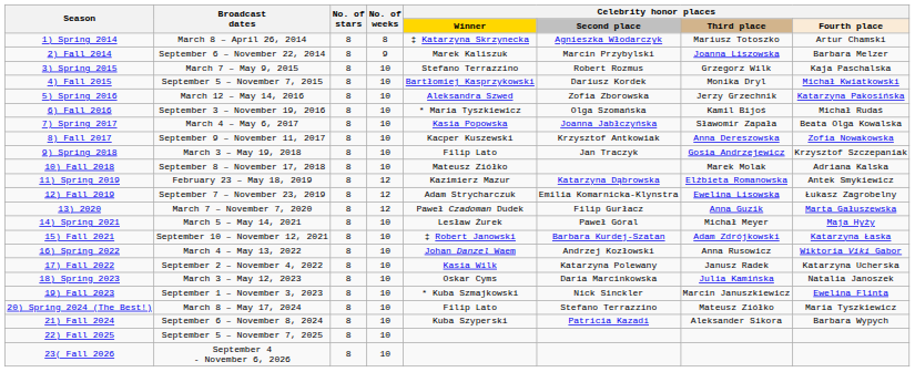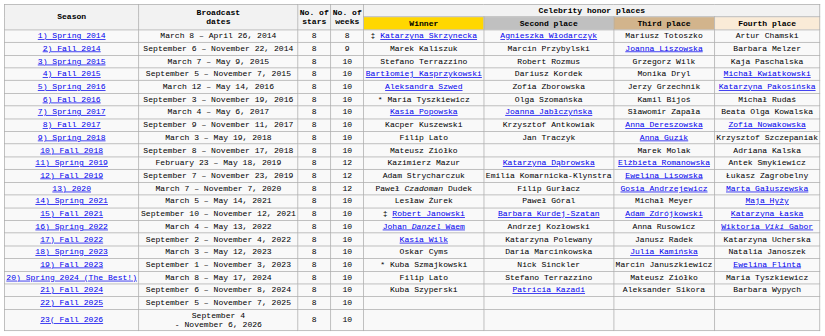 <table class="wikitable sortable" style="white-space:nowrap; font-size:85%;">
 <tr>
 <th style="width:10%;" rowspan="2">Season</th>
 <th style="width:10%;" rowspan="2">Broadcast<br>dates</th>
 <th style="width:5%;" rowspan="2">No. of<br>stars</th>
 <th style="width:5%;" rowspan="2">No. of<br>weeks</th>
 <th style="width:45%;" colspan="4">Celebrity honor places</th>
 </tr>
 <tr>
 <th style="width:15%; background:gold;">Winner</th>
 <th style="width:15%; background:silver;">Second place</th>
 <th style="width:15%; background:tan;">Third place</th>
 <th style="width:15%; background:antiquewhite;">Fourth place</th>
 </tr>
 <tr>
 <td style="text-align:center;"><a href='#'>1) Spring 2014</a></td>
 <td style="text-align:center;">March 8 – April 26, 2014</td>
 <td style="text-align:center;">8</td>
 <td style="text-align:center;">8</td>
 <td style="text-align:center;">‡ <a href='#'>Katarzyna Skrzynecka</a></td>
 <td style="text-align:center;"><a href='#'>Agnieszka Włodarczyk</a></td>
 <td style="text-align:center;">Mariusz Totoszko</td>
 <td style="text-align:center;">Artur Chamski</td>
 </tr>
 <tr>
 <td style="text-align:center;"><a href='#'>2) Fall 2014</a></td>
 <td style="text-align:center;">September 6 – November 22, 2014</td>
 <td style="text-align:center;">8</td>
 <td style="text-align:center;">9</td>
 <td style="text-align:center;">Marek Kaliszuk</td>
 <td style="text-align:center;">Marcin Przybylski</td>
 <td style="text-align:center;"><a href='#'>Joanna Liszowska</a></td>
 <td style="text-align:center;">Barbara Melzer</td>
 </tr>
 <tr>
 <td style="text-align:center;"><a href='#'>3) Spring 2015</a></td>
 <td style="text-align:center;">March 7 – May 9, 2015</td>
 <td style="text-align:center;">8</td>
 <td style="text-align:center;">10</td>
 <td style="text-align:center;">Stefano Terrazzino</td>
 <td style="text-align:center;">Robert Rozmus</td>
 <td style="text-align:center;">Grzegorz Wilk</td>
 <td style="text-align:center;">Kaja Paschalska</td>
 </tr>
 <tr>
 <td style="text-align:center;"><a href='#'>4) Fall 2015</a></td>
 <td style="text-align:center;">September 5 – November 7, 2015</td>
 <td style="text-align:center;">8</td>
 <td style="text-align:center;">10</td>
 <td style="text-align:center;"><a href='#'>Bartłomiej Kasprzykowski</a></td>
 <td style="text-align:center;">Dariusz Kordek</td>
 <td style="text-align:center;">Monika Dryl</td>
 <td style="text-align:center;"><a href='#'>Michał Kwiatkowski</a></td>
 </tr>
 <tr>
 <td style="text-align:center;"><a href='#'>5) Spring 2016</a></td>
 <td style="text-align:center;">March 12 – May 14, 2016</td>
 <td style="text-align:center;">8</td>
 <td style="text-align:center;">10</td>
 <td style="text-align:center;"><a href='#'>Aleksandra Szwed</a></td>
 <td style="text-align:center;">Zofia Zborowska</td>
 <td style="text-align:center;">Jerzy Grzechnik</td>
 <td style="text-align:center;"><a href='#'>Katarzyna Pakosińska</a></td>
 </tr>
 <tr>
 <td style="text-align:center;"><a href='#'>6) Fall 2016</a></td>
 <td style="text-align:center;">September 3 – November 19, 2016</td>
 <td style="text-align:center;">8</td>
 <td style="text-align:center;">10</td>
 <td style="text-align:center;">* Maria Tyszkiewicz</td>
 <td style="text-align:center;">Olga Szomańska</td>
 <td style="text-align:center;">Kamil Bijoś</td>
 <td style="text-align:center;">Michał Rudaś</td>
 </tr>
 <tr>
 <td style="text-align:center;"><a href='#'>7) Spring 2017</a></td>
 <td style="text-align:center;">March 4 – May 6, 2017</td>
 <td style="text-align:center;">8</td>
 <td style="text-align:center;">10</td>
 <td style="text-align:center;"><a href='#'>Kasia Popowska</a></td>
 <td style="text-align:center;"><a href='#'>Joanna Jabłczyńska</a></td>
 <td style="text-align:center;">Sławomir Zapała</td>
 <td style="text-align:center;">Beata Olga Kowalska</td>
 </tr>
 <tr>
 <td style="text-align:center;"><a href='#'>8) Fall 2017</a></td>
 <td style="text-align:center;">September 9 – November 11, 2017</td>
 <td style="text-align:center;">8</td>
 <td style="text-align:center;">10</td>
 <td style="text-align:center;">Kacper Kuszewski</td>
 <td style="text-align:center;">Krzysztof Antkowiak</td>
 <td style="text-align:center;"><a href='#'>Anna Dereszowska</a></td>
 <td style="text-align:center;"><a href='#'>Zofia Nowakowska</a></td>
 </tr>
 <tr>
 <td style="text-align:center;"><a href='#'>9) Spring 2018</a></td>
 <td style="text-align:center;">March 3 – May 19, 2018</td>
 <td style="text-align:center;">8</td>
 <td style="text-align:center;">10</td>
 <td style="text-align:center;">Filip Lato</td>
 <td style="text-align:center;">Jan Traczyk</td>
-<td style="text-align:center;"><a href='#'>Gosia Andrzejewicz</a></td>
+<td style="text-align:center;"><a href='#'>Anna Guzik</a></td>
 <td style="text-align:center;">Krzysztof Szczepaniak</td>
 </tr>
 <tr>
 <td style="text-align:center;"><a href='#'>10) Fall 2018</a></td>
 <td style="text-align:center;">September 8 – November 17, 2018</td>
 <td style="text-align:center;">8</td>
 <td style="text-align:center;">10</td>
 <td style="text-align:center;">Mateusz Ziółko</td>
 <td style="text-align:center;"></td>
 <td style="text-align:center;">Marek Molak</td>
 <td style="text-align:center;">Adriana Kalska</td>
 </tr>
 <tr>
 <td style="text-align:center;"><a href='#'>11) Spring 2019</a></td>
 <td style="text-align:center;">February 23 – May 18, 2019</td>
 <td style="text-align:center;">8</td>
 <td style="text-align:center;">12</td>
 <td style="text-align:center;">Kazimierz Mazur</td>
 <td style="text-align:center;"><a href='#'>Katarzyna Dąbrowska</a></td>
 <td style="text-align:center;"><a href='#'>Elżbieta Romanowska</a></td>
 <td style="text-align:center;">Antek Smykiewicz</td>
 </tr>
 <tr>
 <td style="text-align:center;"><a href='#'>12) Fall 2019</a></td>
 <td style="text-align:center;">September 7 – November 23, 2019</td>
 <td style="text-align:center;">8</td>
 <td style="text-align:center;">12</td>
 <td style="text-align:center;">Adam Strycharczuk</td>
 <td style="text-align:center;">Emilia Komarnicka-Klynstra</td>
 <td style="text-align:center;"><a href='#'>Ewelina Lisowska</a></td>
 <td style="text-align:center;">Łukasz Zagrobelny</td>
 </tr>
 <tr>
 <td style="text-align:center;"><a href='#'>13) 2020</a></td>
 <td style="text-align:center;">March 7 – November 7, 2020</td>
 <td style="text-align:center;">8</td>
 <td style="text-align:center;">12</td>
 <td style="text-align:center;">Paweł <em>Czadoman</em> Dudek</td>
 <td style="text-align:center;">Filip Gurłacz</td>
-<td style="text-align:center;"><a href='#'>Anna Guzik</a></td>
+<td style="text-align:center;"><a href='#'>Gosia Andrzejewicz</a></td>
 <td style="text-align:center;"><a href='#'>Marta Gałuszewska</a></td>
 </tr>
 <tr>
 <td style="text-align:center;"><a href='#'>14) Spring 2021</a></td>
 <td style="text-align:center;">March 5 – May 14, 2021</td>
 <td style="text-align:center;">8</td>
 <td style="text-align:center;">10</td>
 <td style="text-align:center;">Lesław Żurek</td>
 <td style="text-align:center;">Paweł Góral</td>
 <td style="text-align:center;">Michał Meyer</td>
 <td style="text-align:center;"><a href='#'>Maja Hyży</a></td>
 </tr>
 <tr>
 <td style="text-align:center;"><a href='#'>15) Fall 2021</a></td>
 <td style="text-align:center;">September 10 – November 12, 2021</td>
 <td style="text-align:center;">8</td>
 <td style="text-align:center;">10</td>
 <td style="text-align:center;">‡ <a href='#'>Robert Janowski</a></td>
 <td style="text-align:center;"><a href='#'>Barbara Kurdej-Szatan</a></td>
 <td style="text-align:center;"><a href='#'>Adam Zdrójkowski</a></td>
 <td style="text-align:center;"><a href='#'>Katarzyna Łaska</a></td>
 </tr>
 <tr>
 <td style="text-align:center;"><a href='#'>16) Spring 2022</a></td>
 <td style="text-align:center;">March 4 – May 13, 2022</td>
 <td style="text-align:center;">8</td>
 <td style="text-align:center;">10</td>
 <td style="text-align:center;"><a href='#'>Johan <em>Danzel</em> Waem</a></td>
 <td style="text-align:center;">Andrzej Kozłowski</td>
 <td style="text-align:center;">Anna Rusowicz</td>
 <td style="text-align:center;"><a href='#'>Wiktoria <em>Viki</em> Gabor</a></td>
 </tr>
 <tr>
 <td style="text-align:center;"><a href='#'>17) Fall 2022</a></td>
 <td style="text-align:center;">September 2 – November 4, 2022</td>
 <td style="text-align:center;">8</td>
 <td style="text-align:center;">10</td>
 <td style="text-align:center;"><a href='#'>Kasia Wilk</a></td>
 <td style="text-align:center;">Katarzyna Polewany</td>
 <td style="text-align:center;">Janusz Radek</td>
 <td style="text-align:center;">Katarzyna Ucherska</td>
 </tr>
 <tr>
 <td style="text-align:center;"><a href='#'>18) Spring 2023</a></td>
 <td style="text-align:center;">March 3 – May 12, 2023</td>
 <td style="text-align:center;">8</td>
 <td style="text-align:center;">10</td>
 <td style="text-align:center;">Oskar Cyms</td>
 <td style="text-align:center;">Daria Marcinkowska</td>
 <td style="text-align:center;"><a href='#'>Julia Kamińska</a></td>
 <td style="text-align:center;">Natalia Janoszek</td>
 </tr>
 <tr>
 <td style="text-align:center;"><a href='#'>19) Fall 2023</a></td>
 <td style="text-align:center;">September 1 – November 3, 2023</td>
 <td style="text-align:center;">8</td>
 <td style="text-align:center;">10</td>
 <td style="text-align:center;">* Kuba Szmajkowski</td>
 <td style="text-align:center;">Nick Sinckler</td>
 <td style="text-align:center;">Marcin Januszkiewicz</td>
 <td style="text-align:center;"><a href='#'>Ewelina Flinta</a></td>
 </tr>
 <tr>
 <td style="text-align:center;"><a href='#'>20) Spring 2024 (The Best!)</a></td>
 <td style="text-align:center;">March 8 – May 17, 2024</td>
 <td style="text-align:center;">8</td>
 <td style="text-align:center;">10</td>
 <td style="text-align:center;">Filip Lato</td>
 <td style="text-align:center;">Stefano Terrazzino</td>
 <td style="text-align:center;">Mateusz Ziółko</td>
 <td style="text-align:center;">Maria Tyszkiewicz</td>
 </tr>
 <tr>
 <td style="text-align:center;"><a href='#'>21) Fall 2024</a></td>
 <td style="text-align:center;">September 6 – November 8, 2024</td>
 <td style="text-align:center;">8</td>
 <td style="text-align:center;">10</td>
 <td style="text-align:center;">Kuba Szyperski</td>
 <td style="text-align:center;"><a href='#'>Patricia Kazadi</a></td>
 <td style="text-align:center;">Aleksander Sikora</td>
 <td style="text-align:center;">Barbara Wypych</td>
 </tr>
 <tr>
 <td style="text-align:center;"><a href='#'>22) Fall 2025</a></td>
 <td style="text-align:center;">September 5 – November 7, 2025</td>
 <td style="text-align:center;">8</td>
 <td style="text-align:center;">10</td>
 <td style="text-align:center;"></td>
 <td style="text-align:center;"></td>
 <td style="text-align:center;"></td>
 <td style="text-align:center;"></td>
 </tr>
 <tr>
 <td style="text-align: center;"><a href='#'>23( Fall 2026</a></td>
 <td style="text-align: center;">September 4<br>- November  6, 2026</td>
 <td style="text-align: center;">8</td>
 <td style="text-align: center;">10</td>
 <td style="text-align: center;"></td>
 <td style="text-align: center;"></td>
 <td style="text-align: center;"></td>
 <td style="text-align: center;"></td>
 </tr>
 </table>
